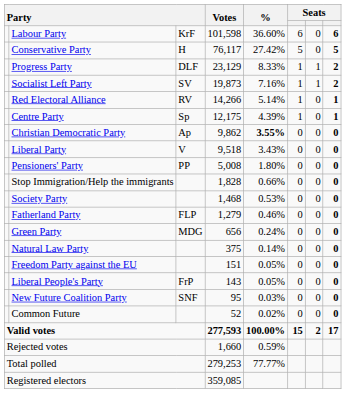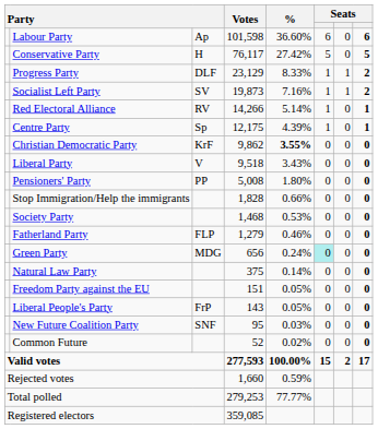 <table class="wikitable" border="1" style="text-align:right;">
 <tr>
 <th style="text-align:left;" valign=bottom rowspan=2 colspan=3>Party</th>
 <th align=center valign=bottom rowspan=2 width="50">Votes</th>
 <th align=center valign=bottom rowspan=2 width="50">%</th>
 <th colspan=3>Seats</th>
 </tr>
 <tr>
 <th align=center valign=bottom width="20"><small></small></th>
 <th align=center valign=bottom width="20"><small><a href='#'></a></small></th>
 <th align=center valign=bottom width="20"><small></small></th>
 </tr>
 <tr>
 <td style="color:inherit;background:"></td>
 <td align=left><a href='#'>Labour Party</a></td>
-<td align=left>KrF</td>
+<td align=left>Ap</td>
 <td>101,598</td>
 <td>36.60%</td>
 <td>6</td>
 <td>0</td>
 <td><strong>6</strong></td>
 </tr>
 <tr>
 <td style="color:inherit;background:"></td>
 <td align=left><a href='#'>Conservative Party</a></td>
 <td align=left>H</td>
 <td>76,117</td>
 <td>27.42%</td>
 <td>5</td>
 <td>0</td>
 <td><strong>5</strong></td>
 </tr>
 <tr>
 <td style="color:inherit;background:"></td>
 <td align=left><a href='#'>Progress Party</a></td>
 <td align=left>DLF</td>
 <td>23,129</td>
 <td>8.33%</td>
 <td>1</td>
 <td>1</td>
 <td><strong>2</strong></td>
 </tr>
 <tr>
 <td style="color:inherit;background:"></td>
 <td align=left><a href='#'>Socialist Left Party</a></td>
 <td align=left>SV</td>
 <td>19,873</td>
 <td>7.16%</td>
 <td>1</td>
 <td>1</td>
 <td><strong>2</strong></td>
 </tr>
 <tr>
 <td style="color:inherit;background:"></td>
 <td align=left><a href='#'>Red Electoral Alliance</a></td>
 <td align=left>RV</td>
 <td>14,266</td>
 <td>5.14%</td>
 <td>1</td>
 <td>0</td>
 <td><strong>1</strong></td>
 </tr>
 <tr>
 <td style="color:inherit;background:"></td>
 <td align=left><a href='#'>Centre Party</a></td>
 <td align=left>Sp</td>
 <td>12,175</td>
 <td>4.39%</td>
 <td>1</td>
 <td>0</td>
 <td><strong>1</strong></td>
 </tr>
 <tr>
 <td style="color:inherit;background:"></td>
 <td align=left><a href='#'>Christian Democratic Party</a></td>
-<td align=left>Ap</td>
+<td align=left>KrF</td>
 <td>9,862</td>
 <td><strong>3.55%</strong></td>
 <td>0</td>
 <td>0</td>
 <td><strong>0</strong></td>
 </tr>
 <tr>
 <td style="color:inherit;background:"></td>
 <td align=left><a href='#'>Liberal Party</a></td>
 <td align=left>V</td>
 <td>9,518</td>
 <td>3.43%</td>
 <td>0</td>
 <td>0</td>
 <td><strong>0</strong></td>
 </tr>
 <tr>
 <td style="color:inherit;background:"></td>
 <td align=left><a href='#'>Pensioners' Party</a></td>
 <td align=left>PP</td>
 <td>5,008</td>
 <td>1.80%</td>
 <td>0</td>
 <td>0</td>
 <td><strong>0</strong></td>
 </tr>
 <tr>
 <td></td>
 <td align=left>Stop Immigration/Help the immigrants</td>
 <td align=left></td>
 <td>1,828</td>
 <td>0.66%</td>
 <td>0</td>
 <td>0</td>
 <td><strong>0</strong></td>
 </tr>
 <tr>
 <td style="color:inherit;background:"></td>
 <td align=left><a href='#'>Society Party</a></td>
 <td align=left></td>
 <td>1,468</td>
 <td>0.53%</td>
 <td>0</td>
 <td>0</td>
 <td><strong>0</strong></td>
 </tr>
 <tr>
 <td style="color:inherit;background:"></td>
 <td align=left><a href='#'>Fatherland Party</a></td>
 <td align=left>FLP</td>
 <td>1,279</td>
 <td>0.46%</td>
 <td>0</td>
 <td>0</td>
 <td><strong>0</strong></td>
 </tr>
 <tr>
 <td style="color:inherit;background:"></td>
 <td align=left><a href='#'>Green Party</a></td>
 <td align=left>MDG</td>
 <td>656</td>
 <td>0.24%</td>
-<td>0</td>
+<td style="background: paleturquoise;">0</td>
 <td>0</td>
 <td><strong>0</strong></td>
 </tr>
 <tr>
 <td></td>
 <td align=left><a href='#'>Natural Law Party</a></td>
 <td align=left></td>
 <td>375</td>
 <td>0.14%</td>
 <td>0</td>
 <td>0</td>
 <td><strong>0</strong></td>
 </tr>
 <tr>
 <td></td>
 <td align=left><a href='#'>Freedom Party against the EU</a></td>
 <td align=left></td>
 <td>151</td>
 <td>0.05%</td>
 <td>0</td>
 <td>0</td>
 <td><strong>0</strong></td>
 </tr>
 <tr>
 <td style="color:inherit;background:"></td>
 <td align=left><a href='#'>Liberal People's Party</a></td>
 <td align=left>FrP</td>
 <td>143</td>
 <td>0.05%</td>
 <td>0</td>
 <td>0</td>
 <td><strong>0</strong></td>
 </tr>
 <tr>
 <td style="color:inherit;background:"></td>
 <td align=left><a href='#'>New Future Coalition Party</a></td>
 <td align=left>SNF</td>
 <td>95</td>
 <td>0.03%</td>
 <td>0</td>
 <td>0</td>
 <td><strong>0</strong></td>
 </tr>
 <tr>
 <td></td>
 <td align=left>Common Future</td>
 <td align=left></td>
 <td>52</td>
 <td>0.02%</td>
 <td>0</td>
 <td>0</td>
 <td><strong>0</strong></td>
 </tr>
 <tr style="font-weight:bold">
 <td align=left colspan=3>Valid votes</td>
 <td>277,593</td>
 <td>100.00%</td>
 <td>15</td>
 <td>2</td>
 <td>17</td>
 </tr>
 <tr>
 <td align=left colspan=3>Rejected votes</td>
 <td>1,660</td>
 <td>0.59%</td>
 <td></td>
 <td></td>
 <td></td>
 </tr>
 <tr>
 <td align=left colspan=3>Total polled</td>
 <td>279,253</td>
 <td>77.77%</td>
 <td></td>
 <td></td>
 <td></td>
 </tr>
 <tr>
 <td align=left colspan=3>Registered electors</td>
 <td>359,085</td>
 <td></td>
 <td></td>
 <td></td>
 <td></td>
 </tr>
 </table>
